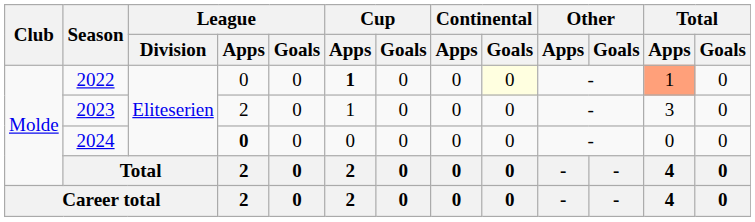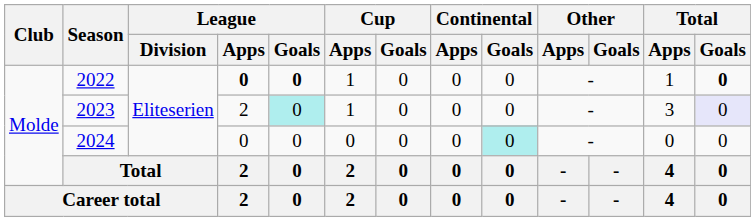 <table class="wikitable" style="text-align: center">
 <tr>
 <th rowspan="2">Club</th>
 <th rowspan="2">Season</th>
 <th colspan="3">League</th>
 <th colspan="2">Cup</th>
 <th colspan="2">Continental</th>
 <th colspan="2">Other</th>
 <th colspan="2">Total</th>
 </tr>
 <tr>
 <th>Division</th>
 <th>Apps</th>
 <th>Goals</th>
 <th>Apps</th>
 <th>Goals</th>
 <th>Apps</th>
 <th>Goals</th>
 <th>Apps</th>
 <th>Goals</th>
 <th>Apps</th>
 <th>Goals</th>
 </tr>
 <tr>
 <td rowspan="4"><a href='#'>Molde</a></td>
 <td><a href='#'>2022</a></td>
 <td rowspan="3"><a href='#'>Eliteserien</a></td>
+<td><strong>0</strong></td>
+<td><strong>0</strong></td>
+<td>1</td>
 <td>0</td>
 <td>0</td>
-<td><strong>1</strong></td>
 <td>0</td>
-<td>0</td>
-<td style="background: lightyellow;">0</td>
 <td colspan="2">-</td>
-<td style="background: lightsalmon;">1</td>
-<td>0</td>
+<td>1</td>
+<td><strong>0</strong></td>
 </tr>
 <tr>
 <td><a href='#'>2023</a></td>
 <td>2</td>
-<td>0</td>
+<td style="background: paleturquoise;">0</td>
 <td>1</td>
 <td>0</td>
 <td>0</td>
 <td>0</td>
 <td colspan="2">-</td>
 <td>3</td>
-<td>0</td>
+<td style="background: lavender;">0</td>
 </tr>
 <tr>
 <td><a href='#'>2024</a></td>
-<td><strong>0</strong></td>
 <td>0</td>
 <td>0</td>
 <td>0</td>
 <td>0</td>
 <td>0</td>
+<td style="background: paleturquoise;">0</td>
 <td colspan="2">-</td>
 <td>0</td>
 <td>0</td>
 </tr>
 <tr>
 <th colspan="2"><strong>Total</strong></th>
 <th>2</th>
 <th>0</th>
 <th>2</th>
 <th>0</th>
 <th>0</th>
 <th>0</th>
 <th>-</th>
 <th>-</th>
 <th>4</th>
 <th>0</th>
 </tr>
 <tr>
 <th colspan="3"><strong>Career total</strong></th>
 <th>2</th>
 <th>0</th>
 <th>2</th>
 <th>0</th>
 <th>0</th>
 <th>0</th>
 <th>-</th>
 <th>-</th>
 <th>4</th>
 <th>0</th>
 </tr>
 </table>
